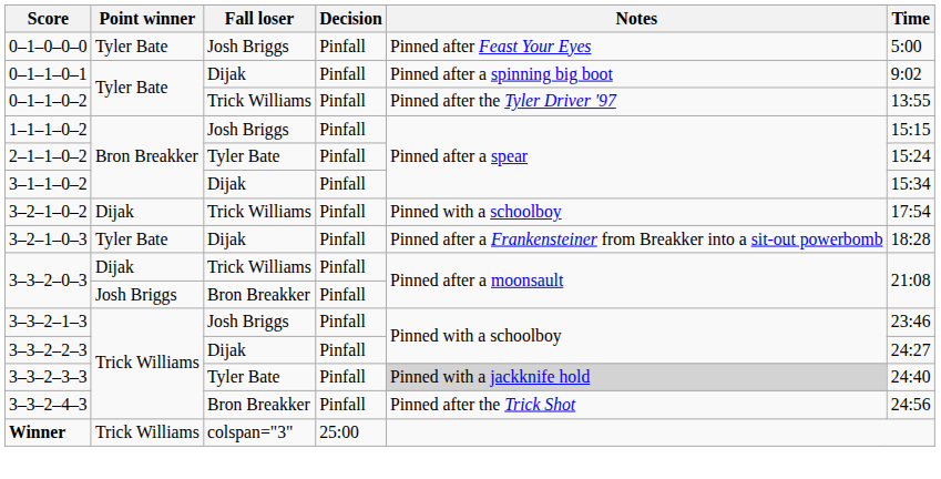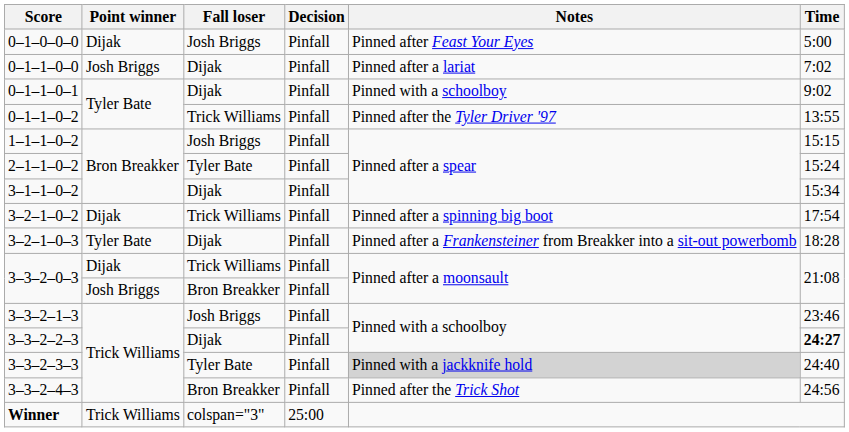 <table class="wikitable">
 <tr>
 <th>Score</th>
 <th>Point winner</th>
 <th>Fall loser</th>
 <th>Decision</th>
 <th>Notes</th>
 <th>Time</th>
 </tr>
 <tr>
 <td>0–1–0–0–0</td>
-<td>Tyler Bate</td>
+<td>Dijak</td>
 <td>Josh Briggs</td>
 <td>Pinfall</td>
 <td>Pinned after <em><a href='#'>Feast Your Eyes</a></em></td>
 <td>5:00</td>
 </tr>
 <tr>
+<td>0–1–1–0–0</td>
+<td>Josh Briggs</td>
+<td>Dijak</td>
+<td>Pinfall</td>
+<td>Pinned after a <a href='#'>lariat</a></td>
+<td>7:02</td>
+</tr>
+<tr>
 <td>0–1–1–0–1</td>
 <td rowspan=2>Tyler Bate</td>
 <td>Dijak</td>
 <td>Pinfall</td>
-<td>Pinned after a <a href='#'>spinning big boot</a></td>
+<td>Pinned with a <a href='#'>schoolboy</a></td>
 <td>9:02</td>
 </tr>
 <tr>
 <td>0–1–1–0–2</td>
 <td>Trick Williams</td>
 <td>Pinfall</td>
 <td>Pinned after the <em><a href='#'>Tyler Driver '97</a></em></td>
 <td>13:55</td>
 </tr>
 <tr>
 <td>1–1–1–0–2</td>
 <td rowspan=3>Bron Breakker</td>
 <td>Josh Briggs</td>
 <td>Pinfall</td>
 <td rowspan=3>Pinned after a <a href='#'>spear</a></td>
 <td>15:15</td>
 </tr>
 <tr>
 <td>2–1–1–0–2</td>
 <td>Tyler Bate</td>
 <td>Pinfall</td>
 <td>15:24</td>
 </tr>
 <tr>
 <td>3–1–1–0–2</td>
 <td>Dijak</td>
 <td>Pinfall</td>
 <td>15:34</td>
 </tr>
 <tr>
 <td>3–2–1–0–2</td>
 <td>Dijak</td>
 <td>Trick Williams</td>
 <td>Pinfall</td>
-<td>Pinned with a <a href='#'>schoolboy</a></td>
+<td>Pinned after a <a href='#'>spinning big boot</a></td>
 <td>17:54</td>
 </tr>
 <tr>
 <td>3–2–1–0–3</td>
 <td>Tyler Bate</td>
 <td>Dijak</td>
 <td>Pinfall</td>
 <td>Pinned after a <em><a href='#'>Frankensteiner</a></em> from Breakker into a <a href='#'>sit-out powerbomb</a></td>
 <td>18:28</td>
 </tr>
 <tr>
 <td rowspan=2>3–3–2–0–3</td>
 <td>Dijak</td>
 <td>Trick Williams</td>
 <td>Pinfall</td>
 <td rowspan=2>Pinned after a <a href='#'>moonsault</a></td>
 <td rowspan=2>21:08</td>
 </tr>
 <tr>
 <td>Josh Briggs</td>
 <td>Bron Breakker</td>
 <td>Pinfall</td>
 </tr>
 <tr>
 <td>3–3–2–1–3</td>
 <td rowspan=4>Trick Williams</td>
 <td>Josh Briggs</td>
 <td>Pinfall</td>
 <td rowspan=2>Pinned with a schoolboy</td>
 <td>23:46</td>
 </tr>
 <tr>
 <td>3–3–2–2–3</td>
 <td>Dijak</td>
 <td>Pinfall</td>
-<td>24:27</td>
+<td><strong>24:27</strong></td>
 </tr>
 <tr>
 <td>3–3–2–3–3</td>
 <td>Tyler Bate</td>
 <td>Pinfall</td>
 <td style="background: lightgrey;">Pinned with a <a href='#'>jackknife hold</a></td>
 <td>24:40</td>
 </tr>
 <tr>
 <td>3–3–2–4–3</td>
 <td>Bron Breakker</td>
 <td>Pinfall</td>
 <td>Pinned after the <em><a href='#'>Trick Shot</a></em></td>
 <td>24:56</td>
 </tr>
 <tr>
 <td><strong>Winner</strong></td>
 <td>Trick Williams</td>
 <td>colspan="3" </td>
 <td>25:00</td>
 </tr>
 </table>
